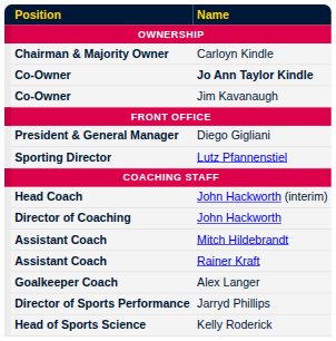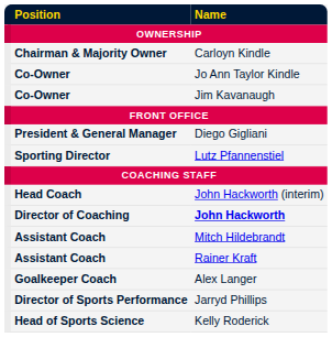 <table cellpadding="5" cellspacing="0" style="display:inline-table; color:#001837; text-align:center; border: 0; background-color: #f4f4f4;">
 <tr>
 <th style="border: 0; border-left: 9px solid #001837; background:#001837; color:#ffd901; text-align:left;border-top-left-radius: 10px;">Position</th>
 <th style="background:#001837; color:#ffd901; text-align:left; border: 0; border-top-right-radius: 10px;">Name</th>
 </tr>
 <tr>
 <th colspan="5" style="border: 0; border-left: 9px solid #c60042; background:#DD004A; color:#ffffff;font-size: 85%; text-align:center; letter-spacing: 0.75px"><strong>OWNERSHIP</strong></th>
 </tr>
 <tr>
 <td align="left" style="border-bottom:1px solid #dfdfdf; border-left: 9px solid #ececec"><strong>Chairman & Majority Owner</strong></td>
 <td style="border-bottom:1px solid #dfdfdf; white-space: nowrap;" align="left"> Carloyn Kindle</td>
 </tr>
 <tr>
 <td align="left" style="border-bottom:1px solid #dfdfdf; border-left: 9px solid #ececec"><strong>Co-Owner</strong></td>
-<td style="border-bottom:1px solid #dfdfdf; white-space: nowrap;" align="left"><strong> Jo Ann Taylor Kindle</strong></td>
+<td style="border-bottom:1px solid #dfdfdf; white-space: nowrap;" align="left"> Jo Ann Taylor Kindle</td>
 </tr>
 <tr>
 <td align="left" style="border-bottom:1px solid #dfdfdf; border-left: 9px solid #ececec"><strong>Co-Owner</strong></td>
 <td style="border-bottom:1px solid #dfdfdf; white-space: nowrap;" align="left"> Jim Kavanaugh</td>
 </tr>
 <tr>
 <th colspan="5" style="border: 0; border-left: 9px solid #c60042; background:#DD004A; color:#ffffff;font-size: 85%; text-align:center; letter-spacing: 0.75px"><strong>FRONT OFFICE</strong></th>
 </tr>
 <tr>
 <td align="left" style="border-bottom:1px solid #dfdfdf; border-left: 9px solid #ececec"><strong>President & General Manager</strong></td>
 <td style="border-bottom:1px solid #dfdfdf; white-space: nowrap;" align="left"> Diego Gigliani</td>
 </tr>
 <tr>
 <td align="left" style="border-bottom:1px solid #dfdfdf; border-left: 9px solid #ececec"><strong>Sporting Director</strong></td>
 <td style="border-bottom:1px solid #dfdfdf; white-space: nowrap;" align="left"> <a href='#'>Lutz Pfannenstiel</a></td>
 </tr>
 <tr>
 <th colspan="5" style="border: 0; border-left: 9px solid #c60042; background:#DD004A; color:#ffffff;font-size: 85%; text-align:center; letter-spacing: 0.75px"><strong>COACHING STAFF</strong></th>
 </tr>
 <tr>
 <td align="left" style="border-bottom:1px solid #dfdfdf; border-left: 9px solid #ececec"><strong>Head Coach</strong></td>
 <td style="border-bottom:1px solid #dfdfdf; white-space: nowrap;" align="left"> <a href='#'>John Hackworth</a> (interim)</td>
 </tr>
 <tr>
 <td align="left" style="border-bottom:1px solid #dfdfdf; border-left: 9px solid #ececec"><strong>Director of Coaching</strong></td>
-<td style="border-bottom:1px solid #dfdfdf; white-space: nowrap;" align="left"> <a href='#'>John Hackworth</a></td>
+<td style="border-bottom:1px solid #dfdfdf; white-space: nowrap;" align="left"><strong> <a href='#'>John Hackworth</a></strong></td>
 </tr>
 <tr>
 <td align="left" style="border-bottom:1px solid #dfdfdf; border-left: 9px solid #ececec"><strong>Assistant Coach</strong></td>
 <td style="border-bottom:1px solid #dfdfdf; white-space: nowrap;" align="left"> <a href='#'>Mitch Hildebrandt</a></td>
 </tr>
 <tr>
 <td align="left" style="border-bottom:1px solid #dfdfdf; border-left: 9px solid #ececec"><strong>Assistant Coach</strong></td>
 <td style="border-bottom:1px solid #dfdfdf; white-space: nowrap;" align="left"> <a href='#'>Rainer Kraft</a></td>
 </tr>
 <tr>
 <td align="left" style="border-bottom:1px solid #dfdfdf; border-left: 9px solid #ececec"><strong>Goalkeeper Coach</strong></td>
 <td style="border-bottom:1px solid #dfdfdf; white-space: nowrap;" align="left"> Alex Langer</td>
 </tr>
 <tr>
 <td align="left" style="border-bottom:1px solid #dfdfdf; border-left: 9px solid #ececec"><strong>Director of Sports Performance</strong></td>
 <td style="border-bottom:1px solid #dfdfdf; white-space: nowrap;" align="left"> Jarryd Phillips</td>
 </tr>
 <tr>
 <td align="left" style="border-bottom:1px solid #dfdfdf; border-left: 9px solid #ececec"><strong>Head of Sports Science</strong></td>
 <td style="border-bottom:1px solid #dfdfdf; white-space: nowrap;" align="left"> Kelly Roderick</td>
 </tr>
 </table>
